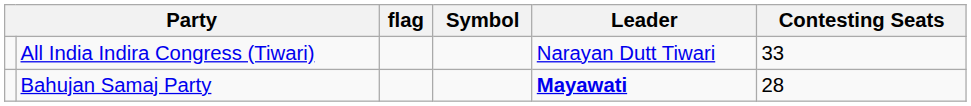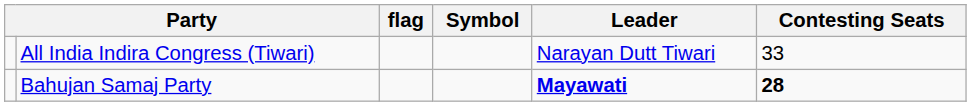 <table class="wikitable" width="60%">
 <tr>
 <th colspan="2">Party</th>
 <th>flag</th>
 <th>Symbol</th>
 <th>Leader</th>
 <th>Contesting Seats</th>
 </tr>
 <tr>
 <td></td>
 <td><a href='#'>All India Indira Congress (Tiwari)</a></td>
 <td></td>
 <td></td>
 <td><a href='#'>Narayan Dutt Tiwari</a></td>
 <td>33</td>
 </tr>
 <tr>
 <td></td>
 <td><a href='#'>Bahujan Samaj Party</a></td>
 <td></td>
 <td></td>
 <td><strong><a href='#'>Mayawati</a></strong></td>
-<td>28</td>
+<td><strong>28</strong></td>
 </tr>
 </table>
